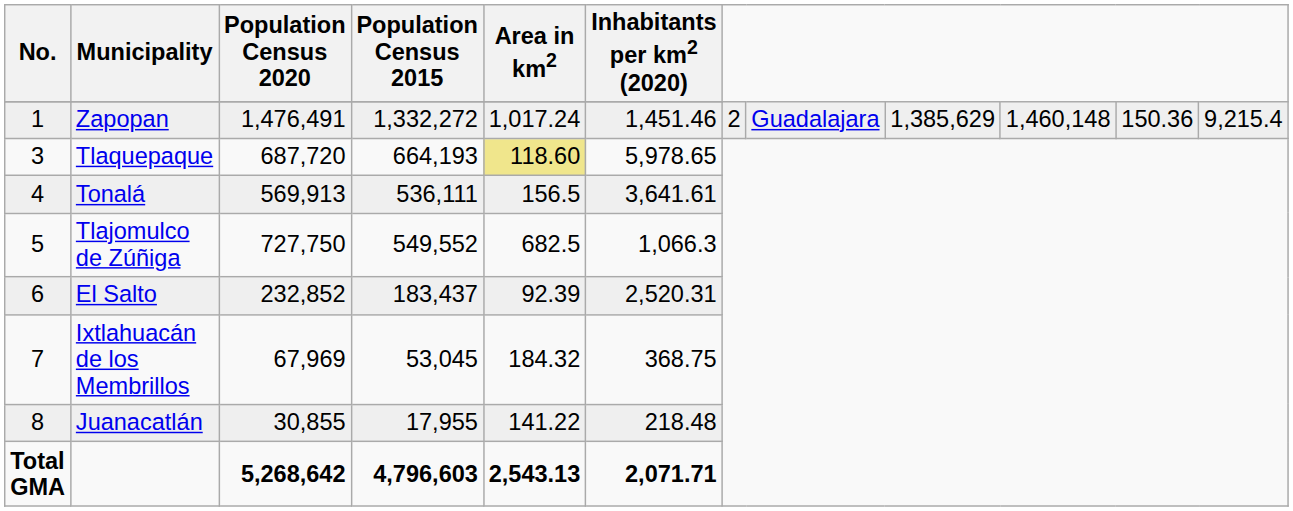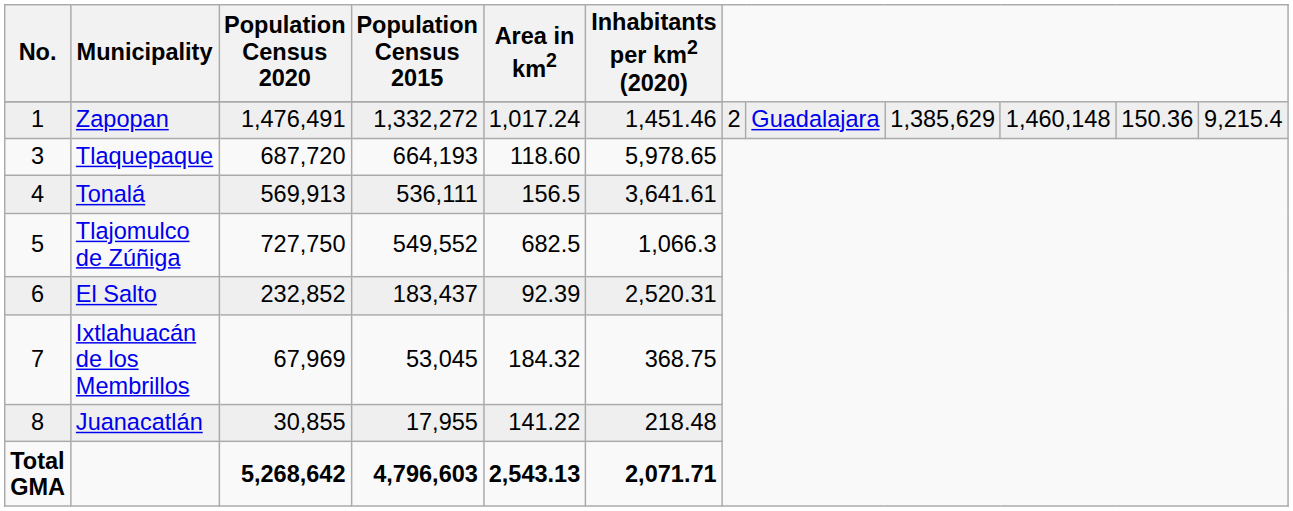 <table class="wikitable">
 <tr>
 <th>No.</th>
 <th>Municipality</th>
 <th>Population<br>Census 2020</th>
 <th>Population<br>Census 2015</th>
 <th>Area in<br>km<sup>2</sup></th>
 <th>Inhabitants<br>per km<sup>2</sup> (2020)</th>
 </tr>
 <tr bgcolor="f5f5f5">
 </tr>
 <tr bgcolor="#EFEFEF">
 <td style="text-align:center">1</td>
 <td><a href='#'>Zapopan</a></td>
 <td style="text-align:right">1,476,491</td>
 <td style="text-align:right">1,332,272</td>
 <td style="text-align:right">1,017.24</td>
 <td style="text-align:right">1,451.46</td>
 <td style="text-align:center">2</td>
 <td><a href='#'>Guadalajara</a></td>
 <td style="text-align:right">1,385,629</td>
 <td style="text-align:right">1,460,148</td>
 <td style="text-align:right">150.36</td>
 <td style="text-align:right">9,215.4</td>
 </tr>
 <tr>
 <td style="text-align:center">3</td>
 <td><a href='#'>Tlaquepaque</a></td>
 <td style="text-align:right">687,720</td>
 <td style="text-align:right">664,193</td>
-<td style="background: khaki; text-align:right">118.60</td>
+<td style="text-align:right">118.60</td>
 <td style="text-align:right">5,978.65</td>
 </tr>
 <tr bgcolor="#EFEFEF">
 <td style="text-align:center">4</td>
 <td><a href='#'>Tonalá</a></td>
 <td style="text-align:right">569,913</td>
 <td style="text-align:right">536,111</td>
 <td style="text-align:right">156.5</td>
 <td style="text-align:right">3,641.61</td>
 </tr>
 <tr>
 <td style="text-align:center">5</td>
 <td><a href='#'>Tlajomulco de Zúñiga</a></td>
 <td style="text-align:right">727,750</td>
 <td style="text-align:right">549,552</td>
 <td style="text-align:right">682.5</td>
 <td style="text-align:right">1,066.3</td>
 </tr>
 <tr bgcolor="#EFEFEF">
 <td style="text-align:center">6</td>
 <td><a href='#'>El Salto</a></td>
 <td style="text-align:right">232,852</td>
 <td style="text-align:right">183,437</td>
 <td style="text-align:right">92.39</td>
 <td style="text-align:right">2,520.31</td>
 </tr>
 <tr>
 <td style="text-align:center">7</td>
 <td><a href='#'>Ixtlahuacán de los Membrillos</a></td>
 <td style="text-align:right">67,969</td>
 <td style="text-align:right">53,045</td>
 <td style="text-align:right">184.32</td>
 <td style="text-align:right">368.75</td>
 </tr>
 <tr bgcolor="#EFEFEF">
 <td style="text-align:center">8</td>
 <td><a href='#'>Juanacatlán</a></td>
 <td style="text-align:right">30,855</td>
 <td style="text-align:right">17,955</td>
 <td style="text-align:right">141.22</td>
 <td style="text-align:right">218.48</td>
 </tr>
 <tr>
 <td><strong>Total GMA</strong></td>
 <td style="text-align:right"></td>
 <td style="text-align:right"><strong>5,268,642</strong></td>
 <td style="text-align:right"><strong>4,796,603</strong></td>
 <td style="text-align:right"><strong>2,543.13</strong></td>
 <td style="text-align:right"><strong>2,071.71</strong></td>
 </tr>
 </table>
